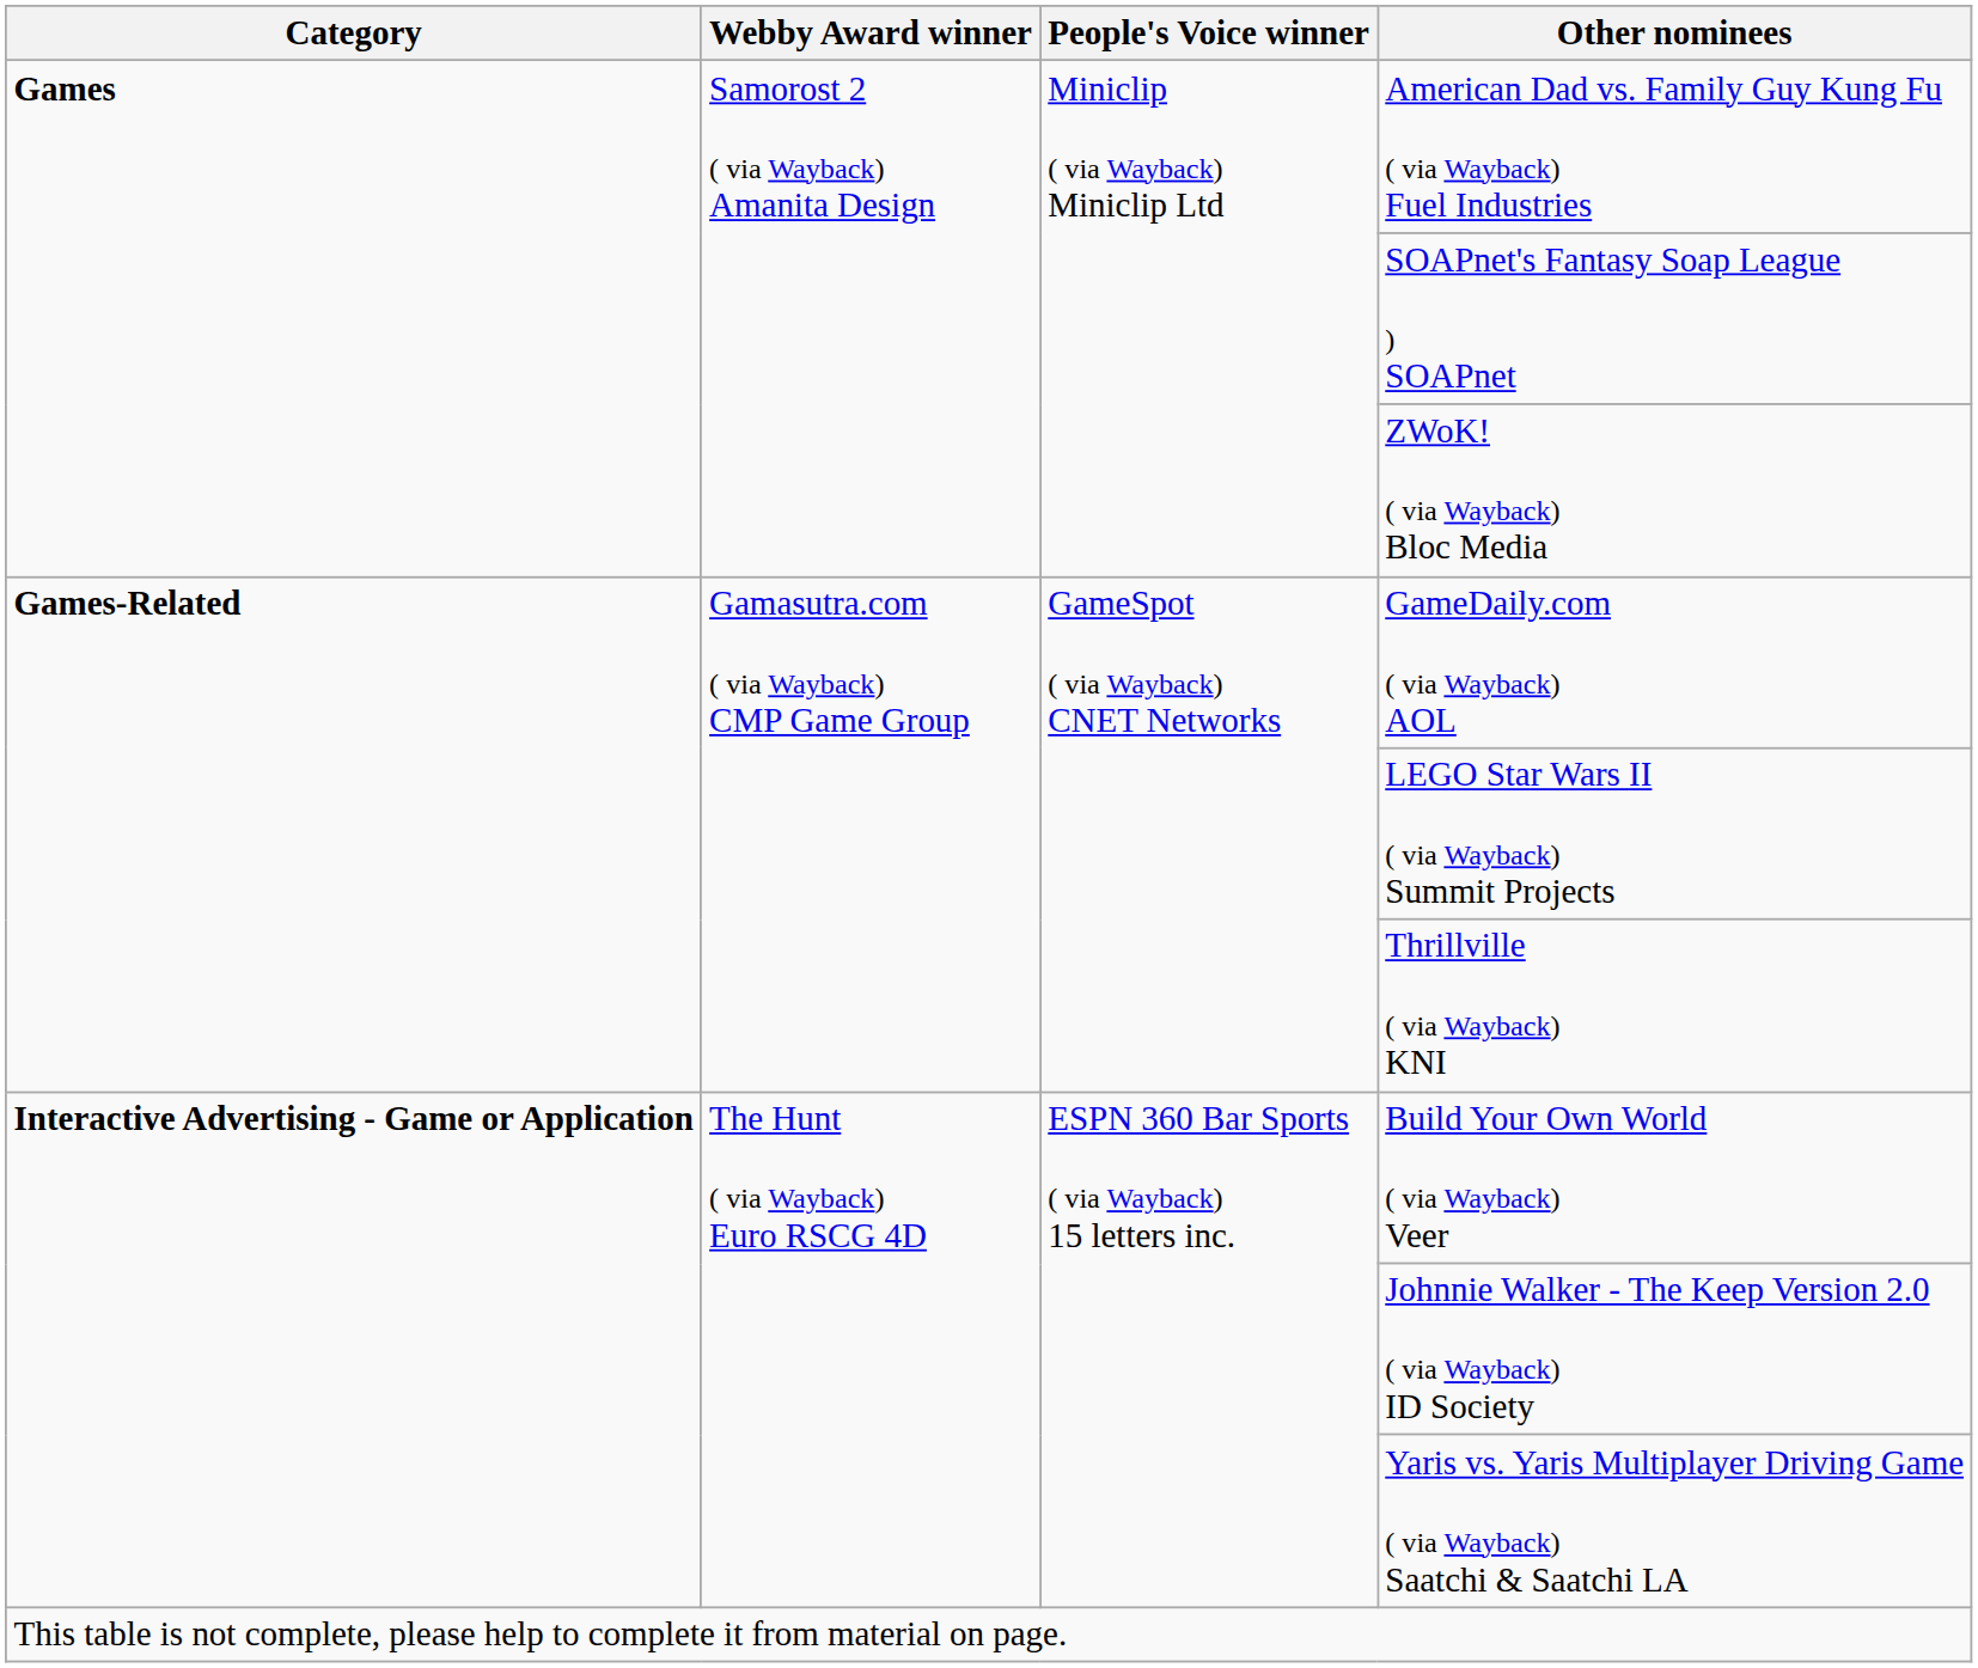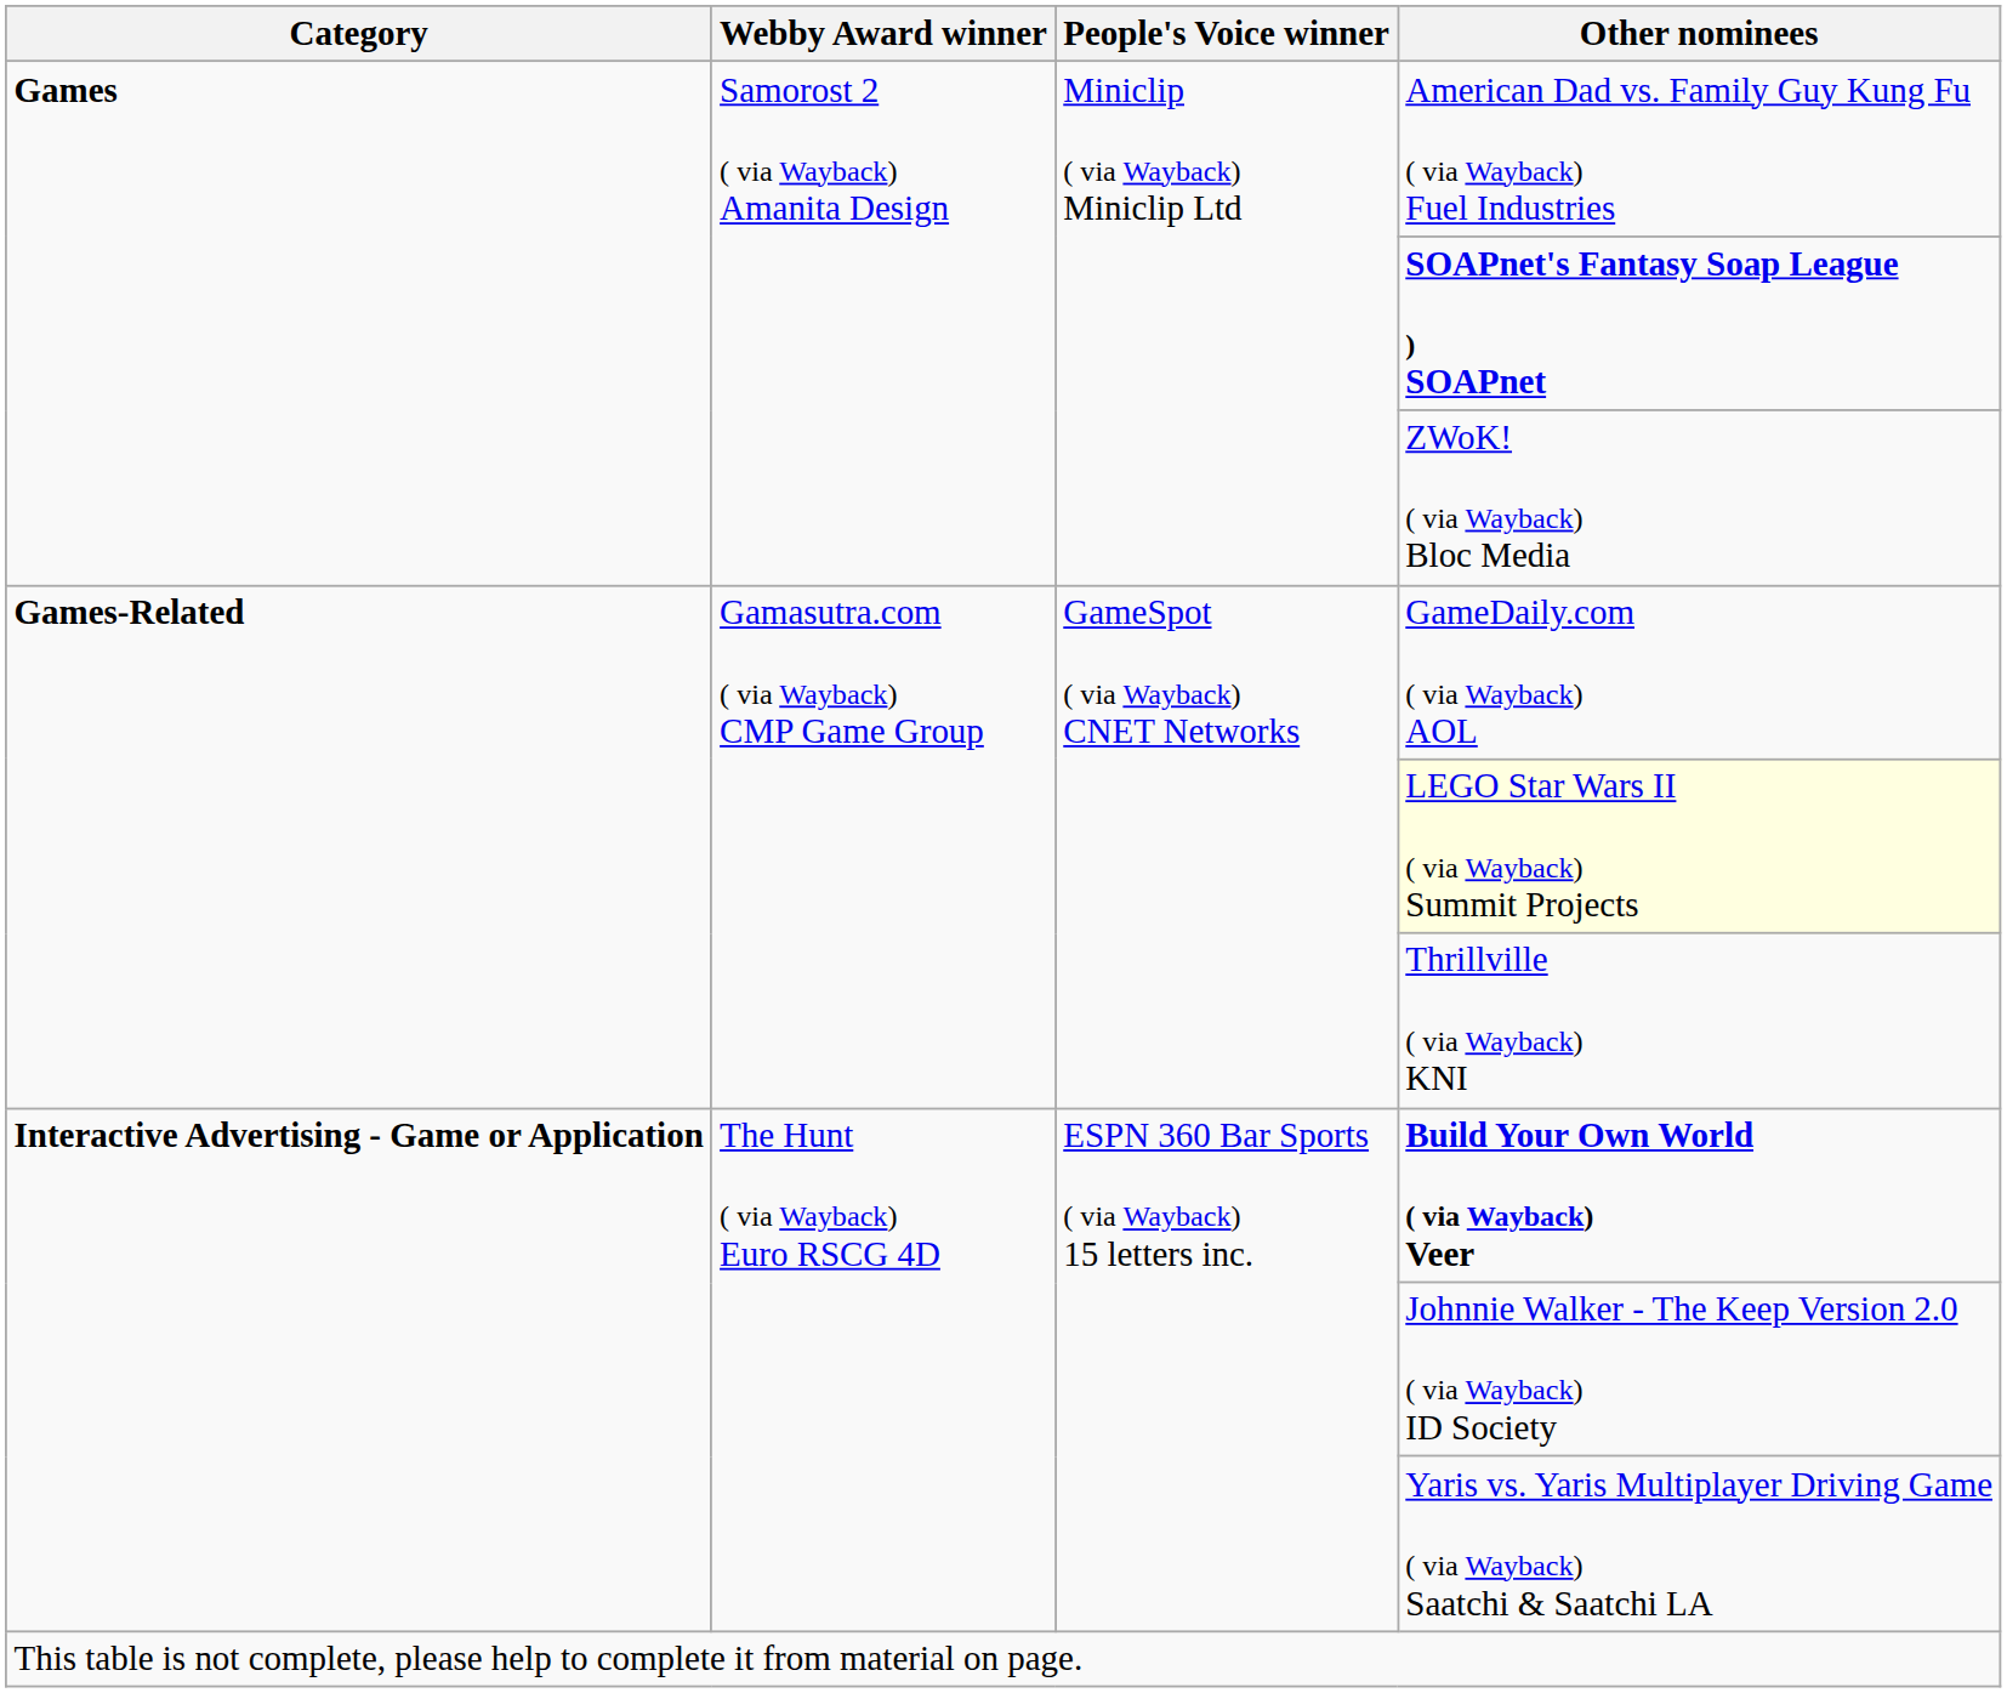 <table class="wikitable">
 <tr>
 <th>Category</th>
 <th>Webby Award winner</th>
 <th>People's Voice winner</th>
 <th>Other nominees</th>
 </tr>
 <tr valign="top">
 <td rowspan="3"><strong>Games</strong></td>
 <td rowspan="3"><a href='#'>Samorost 2</a><br><br><small>( via <a href='#'>Wayback</a>)</small><br> <a href='#'>Amanita Design</a></td>
 <td rowspan="3"><a href='#'>Miniclip</a><br><br><small>( via <a href='#'>Wayback</a>)</small><br> Miniclip Ltd</td>
 <td><a href='#'>American Dad vs. Family Guy Kung Fu</a><br><br><small>( via <a href='#'>Wayback</a>)</small><br> <a href='#'>Fuel Industries</a></td>
 </tr>
 <tr valign="top">
-<td><a href='#'>SOAPnet's Fantasy Soap League</a><br><br><small>)</small><br> <a href='#'>SOAPnet</a></td>
+<td><strong><a href='#'>SOAPnet's Fantasy Soap League</a><br><br><small>)</small><br> <a href='#'>SOAPnet</a></strong></td>
 </tr>
 <tr valign="top">
 <td><a href='#'>ZWoK!</a><br><br><small>( via <a href='#'>Wayback</a>)</small><br> Bloc Media</td>
 </tr>
 <tr valign="top">
 <td rowspan="3"><strong>Games-Related</strong></td>
 <td rowspan="3"><a href='#'>Gamasutra.com</a><br><br><small>( via <a href='#'>Wayback</a>)</small><br> <a href='#'>CMP Game Group</a></td>
 <td rowspan="3"><a href='#'>GameSpot</a><br><br><small>( via <a href='#'>Wayback</a>)</small><br> <a href='#'>CNET Networks</a></td>
 <td><a href='#'>GameDaily.com</a><br><br><small>( via <a href='#'>Wayback</a>)</small><br> <a href='#'>AOL</a></td>
 </tr>
 <tr valign="top">
-<td><a href='#'>LEGO Star Wars II</a><br><br><small>( via <a href='#'>Wayback</a>)</small><br> Summit Projects</td>
+<td style="background: lightyellow;"><a href='#'>LEGO Star Wars II</a><br><br><small>( via <a href='#'>Wayback</a>)</small><br> Summit Projects</td>
 </tr>
 <tr valign="top">
 <td><a href='#'>Thrillville</a><br><br><small>( via <a href='#'>Wayback</a>)</small><br> KNI</td>
 </tr>
 <tr valign="top">
 <td rowspan="3"><strong>Interactive Advertising - Game or Application</strong></td>
 <td rowspan="3"><a href='#'>The Hunt</a><br><br><small>( via <a href='#'>Wayback</a>)</small><br> <a href='#'>Euro RSCG 4D</a></td>
 <td rowspan="3"><a href='#'>ESPN 360 Bar Sports</a><br><br><small>( via <a href='#'>Wayback</a>)</small><br> 15 letters inc.</td>
-<td><a href='#'>Build Your Own World</a><br><br><small>( via <a href='#'>Wayback</a>)</small><br> Veer</td>
+<td><strong><a href='#'>Build Your Own World</a><br><br><small>( via <a href='#'>Wayback</a>)</small><br> Veer</strong></td>
 </tr>
 <tr valign="top">
 <td><a href='#'>Johnnie Walker - The Keep Version 2.0</a><br><br><small>( via <a href='#'>Wayback</a>)</small><br> ID Society</td>
 </tr>
 <tr valign="top">
 <td><a href='#'>Yaris vs. Yaris Multiplayer Driving Game</a><br><br><small>( via <a href='#'>Wayback</a>)</small><br> Saatchi & Saatchi LA</td>
 </tr>
 <tr>
 <td colspan=4>This table is not complete, please help to complete it from material on  page.</td>
 </tr>
 </table>
